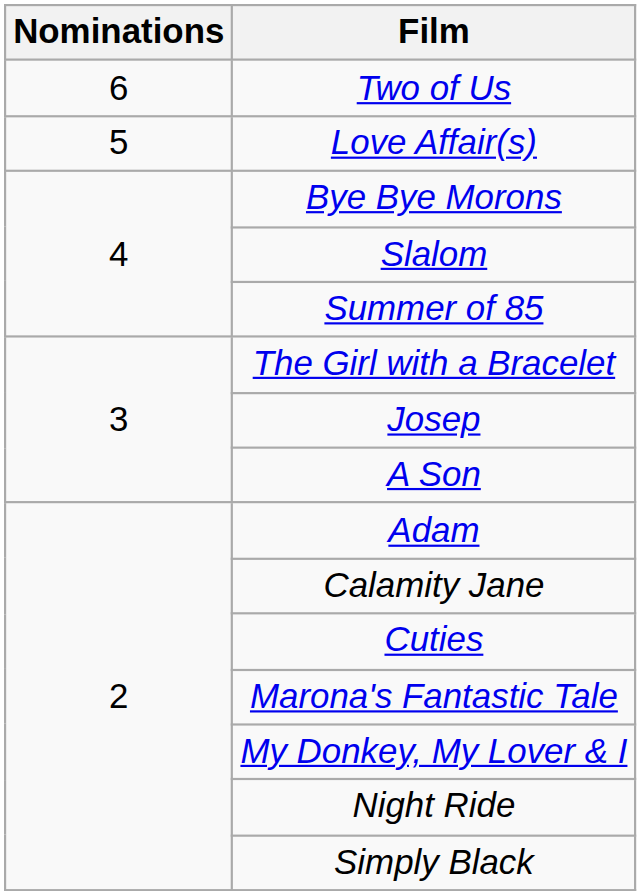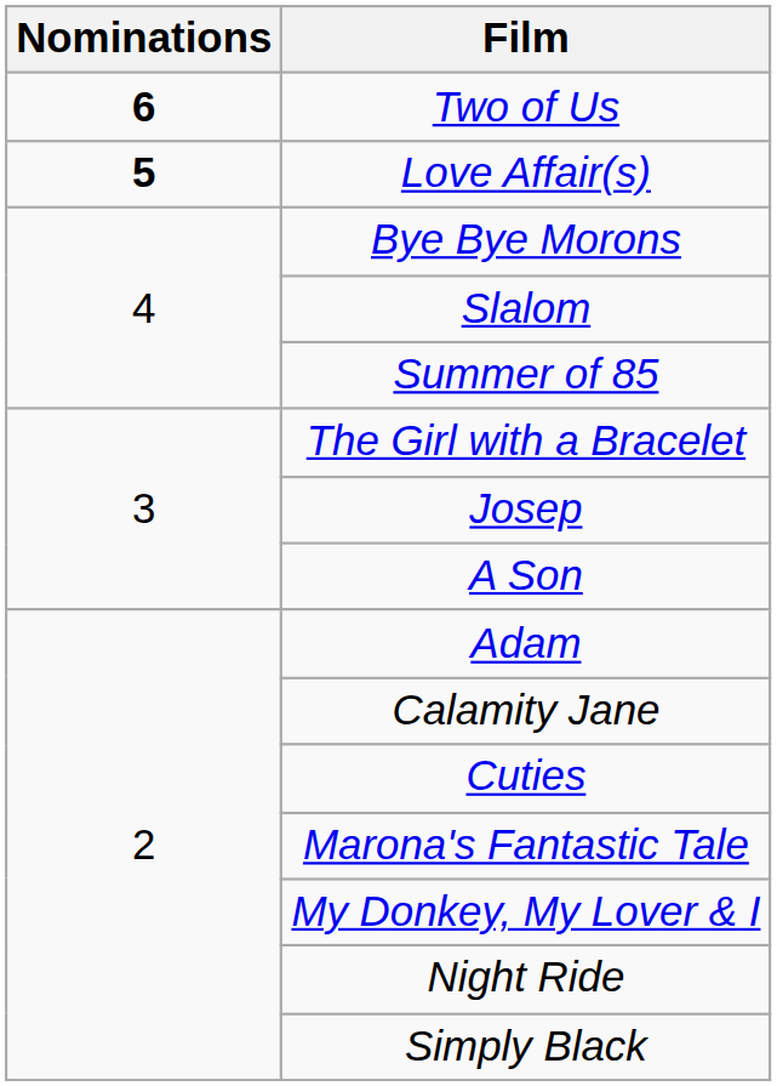 <table class="wikitable plainrowheaders" style="text-align:center;">
 <tr>
 <th scope="col" style="width:55px;">Nominations</th>
 <th scope="col" style="text-align:center;">Film</th>
 </tr>
 <tr>
-<td>6</td>
+<td><strong>6</strong></td>
 <td><em><a href='#'>Two of Us</a></em></td>
 </tr>
 <tr>
-<td>5</td>
+<td><strong>5</strong></td>
 <td><em><a href='#'>Love Affair(s)</a></em></td>
 </tr>
 <tr>
 <td rowspan="3">4</td>
 <td><em><a href='#'>Bye Bye Morons</a></em></td>
 </tr>
 <tr>
 <td><em><a href='#'>Slalom</a></em></td>
 </tr>
 <tr>
 <td><em><a href='#'>Summer of 85</a></em></td>
 </tr>
 <tr>
 <td rowspan="3">3</td>
 <td><em><a href='#'>The Girl with a Bracelet</a></em></td>
 </tr>
 <tr>
 <td><em><a href='#'>Josep</a></em></td>
 </tr>
 <tr>
 <td><em><a href='#'>A Son</a></em></td>
 </tr>
 <tr>
 <td rowspan="7">2</td>
 <td><em><a href='#'>Adam</a></em></td>
 </tr>
 <tr>
 <td><em>Calamity Jane</em></td>
 </tr>
 <tr>
 <td><em><a href='#'>Cuties</a></em></td>
 </tr>
 <tr>
 <td><em><a href='#'>Marona's Fantastic Tale</a></em></td>
 </tr>
 <tr>
 <td><em><a href='#'>My Donkey, My Lover & I</a></em></td>
 </tr>
 <tr>
 <td><em>Night Ride</em></td>
 </tr>
 <tr>
 <td><em>Simply Black</em></td>
 </tr>
 </table>
